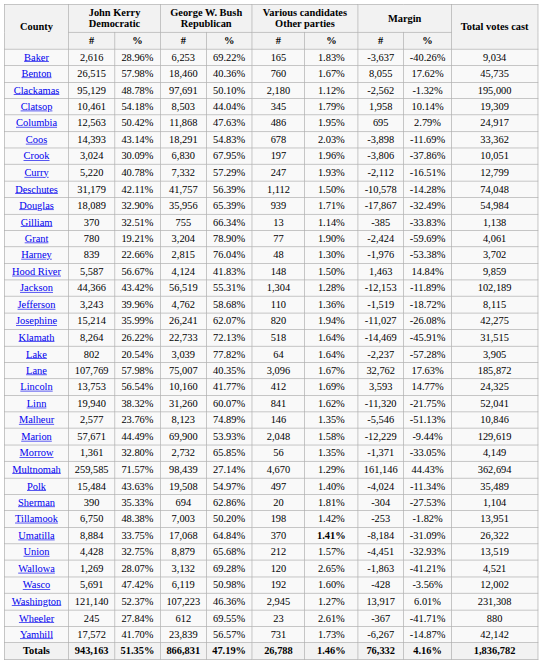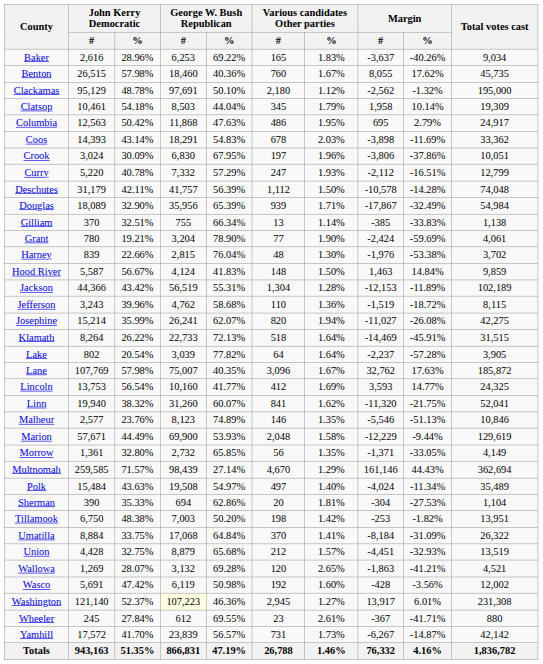 <table width="65%" class="wikitable sortable" style="text-align:center">
 <tr>
 <th style="text-align:center;" rowspan="2">County</th>
 <th style="text-align:center;" colspan="2">John Kerry<br>Democratic</th>
 <th style="text-align:center;" colspan="2">George W. Bush<br>Republican</th>
 <th style="text-align:center;" colspan="2">Various candidates<br>Other parties</th>
 <th style="text-align:center;" colspan="2">Margin</th>
 <th style="text-align:center;" rowspan="2">Total votes cast</th>
 </tr>
 <tr>
 <th style="text-align:center;" data-sort-type="number">#</th>
 <th style="text-align:center;" data-sort-type="number">%</th>
 <th style="text-align:center;" data-sort-type="number">#</th>
 <th style="text-align:center;" data-sort-type="number">%</th>
 <th style="text-align:center;" data-sort-type="number">#</th>
 <th style="text-align:center;" data-sort-type="number">%</th>
 <th style="text-align:center;" data-sort-type="number">#</th>
 <th style="text-align:center;" data-sort-type="number">%</th>
 </tr>
 <tr style="text-align:center;">
 <td><a href='#'>Baker</a></td>
 <td>2,616</td>
 <td>28.96%</td>
 <td>6,253</td>
 <td>69.22%</td>
 <td>165</td>
 <td>1.83%</td>
 <td>-3,637</td>
 <td>-40.26%</td>
 <td>9,034</td>
 </tr>
 <tr style="text-align:center;">
 <td><a href='#'>Benton</a></td>
 <td>26,515</td>
 <td>57.98%</td>
 <td>18,460</td>
 <td>40.36%</td>
 <td>760</td>
 <td>1.67%</td>
 <td>8,055</td>
 <td>17.62%</td>
 <td>45,735</td>
 </tr>
 <tr style="text-align:center;">
 <td><a href='#'>Clackamas</a></td>
 <td>95,129</td>
 <td>48.78%</td>
 <td>97,691</td>
 <td>50.10%</td>
 <td>2,180</td>
 <td>1.12%</td>
 <td>-2,562</td>
 <td>-1.32%</td>
 <td>195,000</td>
 </tr>
 <tr style="text-align:center;">
 <td><a href='#'>Clatsop</a></td>
 <td>10,461</td>
 <td>54.18%</td>
 <td>8,503</td>
 <td>44.04%</td>
 <td>345</td>
 <td>1.79%</td>
 <td>1,958</td>
 <td>10.14%</td>
 <td>19,309</td>
 </tr>
 <tr style="text-align:center;">
 <td><a href='#'>Columbia</a></td>
 <td>12,563</td>
 <td>50.42%</td>
 <td>11,868</td>
 <td>47.63%</td>
 <td>486</td>
 <td>1.95%</td>
 <td>695</td>
 <td>2.79%</td>
 <td>24,917</td>
 </tr>
 <tr style="text-align:center;">
 <td><a href='#'>Coos</a></td>
 <td>14,393</td>
 <td>43.14%</td>
 <td>18,291</td>
 <td>54.83%</td>
 <td>678</td>
 <td>2.03%</td>
 <td>-3,898</td>
 <td>-11.69%</td>
 <td>33,362</td>
 </tr>
 <tr style="text-align:center;">
 <td><a href='#'>Crook</a></td>
 <td>3,024</td>
 <td>30.09%</td>
 <td>6,830</td>
 <td>67.95%</td>
 <td>197</td>
 <td>1.96%</td>
 <td>-3,806</td>
 <td>-37.86%</td>
 <td>10,051</td>
 </tr>
 <tr style="text-align:center;">
 <td><a href='#'>Curry</a></td>
 <td>5,220</td>
 <td>40.78%</td>
 <td>7,332</td>
 <td>57.29%</td>
 <td>247</td>
 <td>1.93%</td>
 <td>-2,112</td>
 <td>-16.51%</td>
 <td>12,799</td>
 </tr>
 <tr style="text-align:center;">
 <td><a href='#'>Deschutes</a></td>
 <td>31,179</td>
 <td>42.11%</td>
 <td>41,757</td>
 <td>56.39%</td>
 <td>1,112</td>
 <td>1.50%</td>
 <td>-10,578</td>
 <td>-14.28%</td>
 <td>74,048</td>
 </tr>
 <tr style="text-align:center;">
 <td><a href='#'>Douglas</a></td>
 <td>18,089</td>
 <td>32.90%</td>
 <td>35,956</td>
 <td>65.39%</td>
 <td>939</td>
 <td>1.71%</td>
 <td>-17,867</td>
 <td>-32.49%</td>
 <td>54,984</td>
 </tr>
 <tr style="text-align:center;">
 <td><a href='#'>Gilliam</a></td>
 <td>370</td>
 <td>32.51%</td>
 <td>755</td>
 <td>66.34%</td>
 <td>13</td>
 <td>1.14%</td>
 <td>-385</td>
 <td>-33.83%</td>
 <td>1,138</td>
 </tr>
 <tr style="text-align:center;">
 <td><a href='#'>Grant</a></td>
 <td>780</td>
 <td>19.21%</td>
 <td>3,204</td>
 <td>78.90%</td>
 <td>77</td>
 <td>1.90%</td>
 <td>-2,424</td>
 <td>-59.69%</td>
 <td>4,061</td>
 </tr>
 <tr style="text-align:center;">
 <td><a href='#'>Harney</a></td>
 <td>839</td>
 <td>22.66%</td>
 <td>2,815</td>
 <td>76.04%</td>
 <td>48</td>
 <td>1.30%</td>
 <td>-1,976</td>
 <td>-53.38%</td>
 <td>3,702</td>
 </tr>
 <tr style="text-align:center;">
 <td><a href='#'>Hood River</a></td>
 <td>5,587</td>
 <td>56.67%</td>
 <td>4,124</td>
 <td>41.83%</td>
 <td>148</td>
 <td>1.50%</td>
 <td>1,463</td>
 <td>14.84%</td>
 <td>9,859</td>
 </tr>
 <tr style="text-align:center;">
 <td><a href='#'>Jackson</a></td>
 <td>44,366</td>
 <td>43.42%</td>
 <td>56,519</td>
 <td>55.31%</td>
 <td>1,304</td>
 <td>1.28%</td>
 <td>-12,153</td>
 <td>-11.89%</td>
 <td>102,189</td>
 </tr>
 <tr style="text-align:center;">
 <td><a href='#'>Jefferson</a></td>
 <td>3,243</td>
 <td>39.96%</td>
 <td>4,762</td>
 <td>58.68%</td>
 <td>110</td>
 <td>1.36%</td>
 <td>-1,519</td>
 <td>-18.72%</td>
 <td>8,115</td>
 </tr>
 <tr style="text-align:center;">
 <td><a href='#'>Josephine</a></td>
 <td>15,214</td>
 <td>35.99%</td>
 <td>26,241</td>
 <td>62.07%</td>
 <td>820</td>
 <td>1.94%</td>
 <td>-11,027</td>
 <td>-26.08%</td>
 <td>42,275</td>
 </tr>
 <tr style="text-align:center;">
 <td><a href='#'>Klamath</a></td>
 <td>8,264</td>
 <td>26.22%</td>
 <td>22,733</td>
 <td>72.13%</td>
 <td>518</td>
 <td>1.64%</td>
 <td>-14,469</td>
 <td>-45.91%</td>
 <td>31,515</td>
 </tr>
 <tr style="text-align:center;">
 <td><a href='#'>Lake</a></td>
 <td>802</td>
 <td>20.54%</td>
 <td>3,039</td>
 <td>77.82%</td>
 <td>64</td>
 <td>1.64%</td>
 <td>-2,237</td>
 <td>-57.28%</td>
 <td>3,905</td>
 </tr>
 <tr style="text-align:center;">
 <td><a href='#'>Lane</a></td>
 <td>107,769</td>
 <td>57.98%</td>
 <td>75,007</td>
 <td>40.35%</td>
 <td>3,096</td>
 <td>1.67%</td>
 <td>32,762</td>
 <td>17.63%</td>
 <td>185,872</td>
 </tr>
 <tr style="text-align:center;">
 <td><a href='#'>Lincoln</a></td>
 <td>13,753</td>
 <td>56.54%</td>
 <td>10,160</td>
 <td>41.77%</td>
 <td>412</td>
 <td>1.69%</td>
 <td>3,593</td>
 <td>14.77%</td>
 <td>24,325</td>
 </tr>
 <tr style="text-align:center;">
 <td><a href='#'>Linn</a></td>
 <td>19,940</td>
 <td>38.32%</td>
 <td>31,260</td>
 <td>60.07%</td>
 <td>841</td>
 <td>1.62%</td>
 <td>-11,320</td>
 <td>-21.75%</td>
 <td>52,041</td>
 </tr>
 <tr style="text-align:center;">
 <td><a href='#'>Malheur</a></td>
 <td>2,577</td>
 <td>23.76%</td>
 <td>8,123</td>
 <td>74.89%</td>
 <td>146</td>
 <td>1.35%</td>
 <td>-5,546</td>
 <td>-51.13%</td>
 <td>10,846</td>
 </tr>
 <tr style="text-align:center;">
 <td><a href='#'>Marion</a></td>
 <td>57,671</td>
 <td>44.49%</td>
 <td>69,900</td>
 <td>53.93%</td>
 <td>2,048</td>
 <td>1.58%</td>
 <td>-12,229</td>
 <td>-9.44%</td>
 <td>129,619</td>
 </tr>
 <tr style="text-align:center;">
 <td><a href='#'>Morrow</a></td>
 <td>1,361</td>
 <td>32.80%</td>
 <td>2,732</td>
 <td>65.85%</td>
 <td>56</td>
 <td>1.35%</td>
 <td>-1,371</td>
 <td>-33.05%</td>
 <td>4,149</td>
 </tr>
 <tr style="text-align:center;">
 <td><a href='#'>Multnomah</a></td>
 <td>259,585</td>
 <td>71.57%</td>
 <td>98,439</td>
 <td>27.14%</td>
 <td>4,670</td>
 <td>1.29%</td>
 <td>161,146</td>
 <td>44.43%</td>
 <td>362,694</td>
 </tr>
 <tr style="text-align:center;">
 <td><a href='#'>Polk</a></td>
 <td>15,484</td>
 <td>43.63%</td>
 <td>19,508</td>
 <td>54.97%</td>
 <td>497</td>
 <td>1.40%</td>
 <td>-4,024</td>
 <td>-11.34%</td>
 <td>35,489</td>
 </tr>
 <tr style="text-align:center;">
 <td><a href='#'>Sherman</a></td>
 <td>390</td>
 <td>35.33%</td>
 <td>694</td>
 <td>62.86%</td>
 <td>20</td>
 <td>1.81%</td>
 <td>-304</td>
 <td>-27.53%</td>
 <td>1,104</td>
 </tr>
 <tr style="text-align:center;">
 <td><a href='#'>Tillamook</a></td>
 <td>6,750</td>
 <td>48.38%</td>
 <td>7,003</td>
 <td>50.20%</td>
 <td>198</td>
 <td>1.42%</td>
 <td>-253</td>
 <td>-1.82%</td>
 <td>13,951</td>
 </tr>
 <tr style="text-align:center;">
 <td><a href='#'>Umatilla</a></td>
 <td>8,884</td>
 <td>33.75%</td>
 <td>17,068</td>
 <td>64.84%</td>
 <td>370</td>
-<td><strong>1.41%</strong></td>
+<td>1.41%</td>
 <td>-8,184</td>
 <td>-31.09%</td>
 <td>26,322</td>
 </tr>
 <tr style="text-align:center;">
 <td><a href='#'>Union</a></td>
 <td>4,428</td>
 <td>32.75%</td>
 <td>8,879</td>
 <td>65.68%</td>
 <td>212</td>
 <td>1.57%</td>
 <td>-4,451</td>
 <td>-32.93%</td>
 <td>13,519</td>
 </tr>
 <tr style="text-align:center;">
 <td><a href='#'>Wallowa</a></td>
 <td>1,269</td>
 <td>28.07%</td>
 <td>3,132</td>
 <td>69.28%</td>
 <td>120</td>
 <td>2.65%</td>
 <td>-1,863</td>
 <td>-41.21%</td>
 <td>4,521</td>
 </tr>
 <tr style="text-align:center;">
 <td><a href='#'>Wasco</a></td>
 <td>5,691</td>
 <td>47.42%</td>
 <td>6,119</td>
 <td>50.98%</td>
 <td>192</td>
 <td>1.60%</td>
 <td>-428</td>
 <td>-3.56%</td>
 <td>12,002</td>
 </tr>
 <tr style="text-align:center;">
 <td><a href='#'>Washington</a></td>
 <td>121,140</td>
 <td>52.37%</td>
-<td>107,223</td>
+<td style="background: lightyellow;">107,223</td>
 <td>46.36%</td>
 <td>2,945</td>
 <td>1.27%</td>
 <td>13,917</td>
 <td>6.01%</td>
 <td>231,308</td>
 </tr>
 <tr style="text-align:center;">
 <td><a href='#'>Wheeler</a></td>
 <td>245</td>
 <td>27.84%</td>
 <td>612</td>
 <td>69.55%</td>
 <td>23</td>
 <td>2.61%</td>
 <td>-367</td>
 <td>-41.71%</td>
 <td>880</td>
 </tr>
 <tr style="text-align:center;">
 <td><a href='#'>Yamhill</a></td>
 <td>17,572</td>
 <td>41.70%</td>
 <td>23,839</td>
 <td>56.57%</td>
 <td>731</td>
 <td>1.73%</td>
 <td>-6,267</td>
 <td>-14.87%</td>
 <td>42,142</td>
 </tr>
 <tr style="text-align:center;">
 <th>Totals</th>
 <th>943,163</th>
 <th>51.35%</th>
 <th>866,831</th>
 <th>47.19%</th>
 <th>26,788</th>
 <th>1.46%</th>
 <th>76,332</th>
 <th>4.16%</th>
 <th>1,836,782</th>
 </tr>
 </table>
